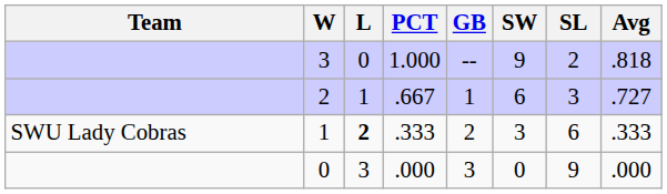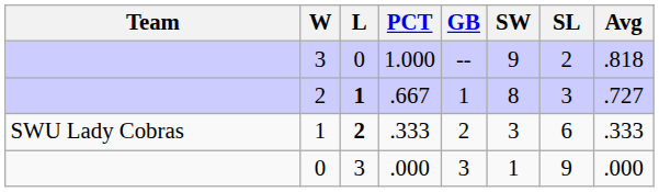 <table class=wikitable style="text-align:center;">
 <tr>
 <th style="width:200px;">Team</th>
 <th width=20px>W</th>
 <th width=20px>L</th>
 <th width=35px><a href='#'>PCT</a></th>
 <th width=25px><a href='#'>GB</a></th>
 <th width=30px>SW</th>
 <th width=30px>SL</th>
 <th width=35px>Avg</th>
 </tr>
 <tr style="background:#ccf;">
 <td align=left></td>
 <td>3</td>
 <td>0</td>
 <td>1.000</td>
 <td>--</td>
 <td>9</td>
 <td>2</td>
 <td>.818</td>
 </tr>
 <tr style="background:#ccf;">
 <td align=left></td>
 <td>2</td>
-<td>1</td>
+<td><strong>1</strong></td>
 <td>.667</td>
 <td>1</td>
-<td>6</td>
+<td>8</td>
 <td>3</td>
 <td>.727</td>
 </tr>
 <tr>
 <td align=left> SWU Lady Cobras</td>
 <td>1</td>
 <td><strong>2</strong></td>
 <td>.333</td>
 <td>2</td>
 <td>3</td>
 <td>6</td>
 <td>.333</td>
 </tr>
 <tr>
 <td align=left></td>
 <td>0</td>
 <td>3</td>
 <td>.000</td>
 <td>3</td>
-<td>0</td>
+<td>1</td>
 <td>9</td>
 <td>.000</td>
 </tr>
 </table>
